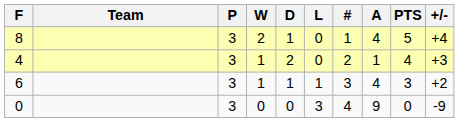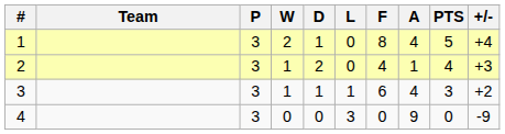 <table class="wikitable" border="1">
 <tr>
-<th width="25">F</th>
+<th width="25">#</th>
 <th width="200">Team</th>
 <th width="25">P</th>
 <th width="25">W</th>
 <th width="25">D</th>
 <th width="25">L</th>
-<th width="25">#</th>
+<th width="25">F</th>
 <th width="25">A</th>
 <th width="25">PTS</th>
 <th width="25">+/-</th>
 </tr>
 <tr bgcolor="FCFFB2">
-<td align="center">8</td>
+<td align="center">1</td>
 <td></td>
 <td align="center">3</td>
 <td align="center">2</td>
 <td align="center">1</td>
 <td align="center">0</td>
-<td align="center">1</td>
+<td align="center">8</td>
 <td align="center">4</td>
 <td align="center">5</td>
 <td align="center">+4</td>
 </tr>
 <tr bgcolor="FCFFB2">
-<td align="center">4</td>
+<td align="center">2</td>
 <td></td>
 <td align="center">3</td>
 <td align="center">1</td>
 <td align="center">2</td>
 <td align="center">0</td>
-<td align="center">2</td>
+<td align="center">4</td>
 <td align="center">1</td>
 <td align="center">4</td>
 <td align="center">+3</td>
 </tr>
 <tr>
-<td align="center">6</td>
+<td align="center">3</td>
 <td></td>
 <td align="center">3</td>
 <td align="center">1</td>
 <td align="center">1</td>
 <td align="center">1</td>
-<td align="center">3</td>
+<td align="center">6</td>
 <td align="center">4</td>
 <td align="center">3</td>
 <td align="center">+2</td>
 </tr>
 <tr>
-<td align="center">0</td>
+<td align="center">4</td>
 <td></td>
 <td align="center">3</td>
 <td align="center">0</td>
 <td align="center">0</td>
 <td align="center">3</td>
-<td align="center">4</td>
+<td align="center">0</td>
 <td align="center">9</td>
 <td align="center">0</td>
 <td align="center">-9</td>
 </tr>
 </table>
